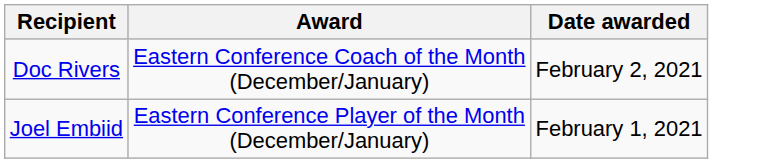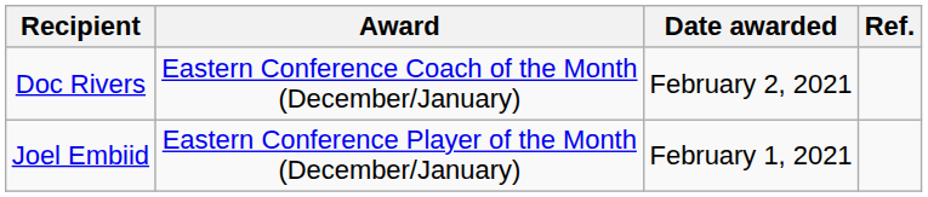 <table class="wikitable sortable sortable" style="text-align: center">
 <tr>
 <th>Recipient</th>
 <th>Award</th>
 <th>Date awarded</th>
+<th>Ref.</th>
 </tr>
 <tr>
 <td><a href='#'>Doc Rivers</a></td>
 <td><a href='#'>Eastern Conference Coach of the Month</a><br>(December/January)<br></td>
 <td>February 2, 2021</td>
+<td></td>
 </tr>
 <tr>
 <td><a href='#'>Joel Embiid</a></td>
 <td><a href='#'>Eastern Conference Player of the Month</a><br>(December/January)<br></td>
 <td>February 1, 2021</td>
+<td></td>
 </tr>
 </table>
